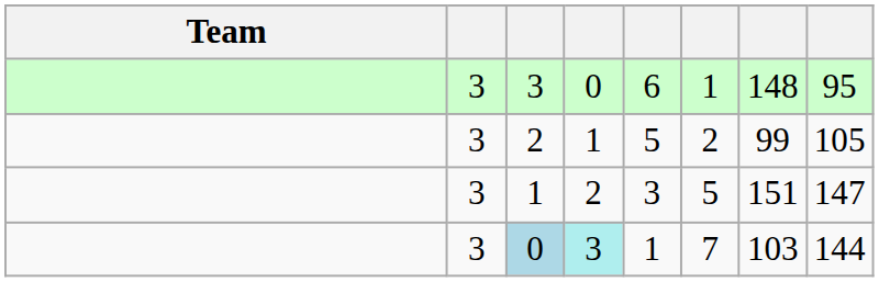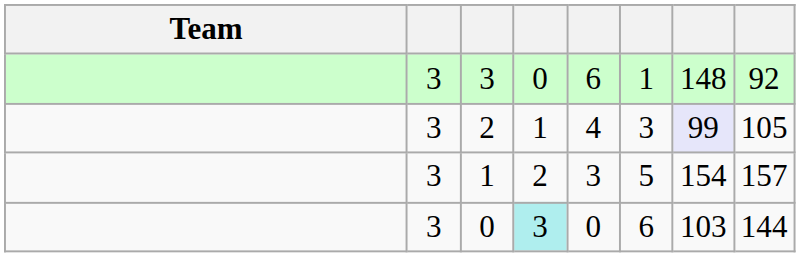 <table class="wikitable" style="text-align:center;">
 <tr>
 <th width=200>Team</th>
 <th width=20></th>
 <th width=20></th>
 <th width=20></th>
 <th width=20></th>
 <th width=20></th>
 <th width=20></th>
 <th width=20></th>
 </tr>
 <tr bgcolor="#ccffcc">
 <td align=left></td>
 <td>3</td>
 <td>3</td>
 <td>0</td>
 <td>6</td>
 <td>1</td>
 <td>148</td>
-<td>95</td>
+<td>92</td>
 </tr>
 <tr>
 <td align=left></td>
 <td>3</td>
 <td>2</td>
 <td>1</td>
-<td>5</td>
-<td>2</td>
-<td>99</td>
+<td>4</td>
+<td>3</td>
+<td style="background: lavender;">99</td>
 <td>105</td>
 </tr>
 <tr>
 <td align=left></td>
 <td>3</td>
 <td>1</td>
 <td>2</td>
 <td>3</td>
 <td>5</td>
-<td>151</td>
-<td>147</td>
+<td>154</td>
+<td>157</td>
 </tr>
 <tr>
 <td align=left></td>
 <td>3</td>
-<td style="background: lightblue;">0</td>
+<td>0</td>
 <td style="background: paleturquoise;">3</td>
-<td>1</td>
-<td>7</td>
+<td>0</td>
+<td>6</td>
 <td>103</td>
 <td>144</td>
 </tr>
 </table>
